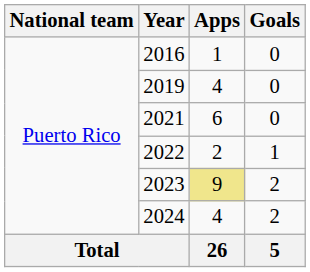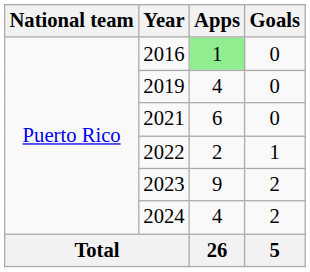 <table class="wikitable" style="text-align:center">
 <tr>
 <th>National team</th>
 <th>Year</th>
 <th>Apps</th>
 <th>Goals</th>
 </tr>
 <tr>
 <td rowspan="6"><a href='#'>Puerto Rico</a></td>
 <td>2016</td>
-<td>1</td>
+<td style="background: lightgreen;">1</td>
 <td>0</td>
 </tr>
 <tr>
 <td>2019</td>
 <td>4</td>
 <td>0</td>
 </tr>
 <tr>
 <td>2021</td>
 <td>6</td>
 <td>0</td>
 </tr>
 <tr>
 <td>2022</td>
 <td>2</td>
 <td>1</td>
 </tr>
 <tr>
 <td>2023</td>
-<td style="background: khaki;">9</td>
+<td>9</td>
 <td>2</td>
 </tr>
 <tr>
 <td>2024</td>
 <td>4</td>
 <td>2</td>
 </tr>
 <tr>
 <th colspan=2>Total</th>
 <th>26</th>
 <th>5</th>
 </tr>
 </table>
